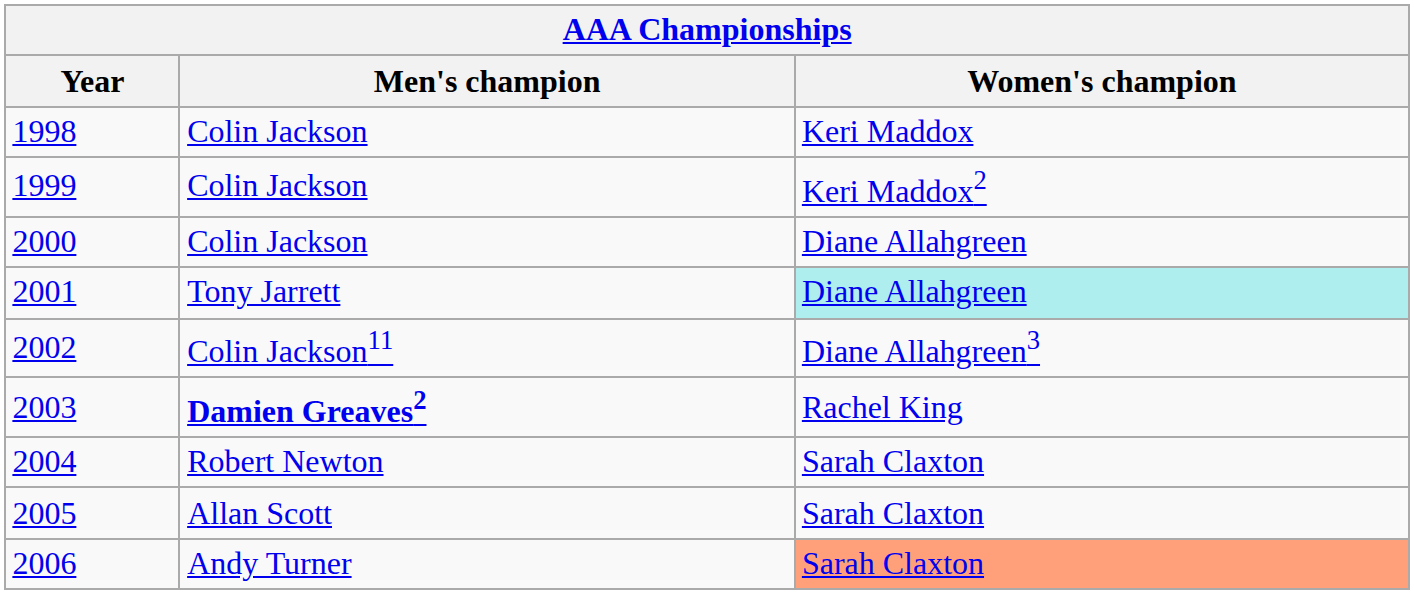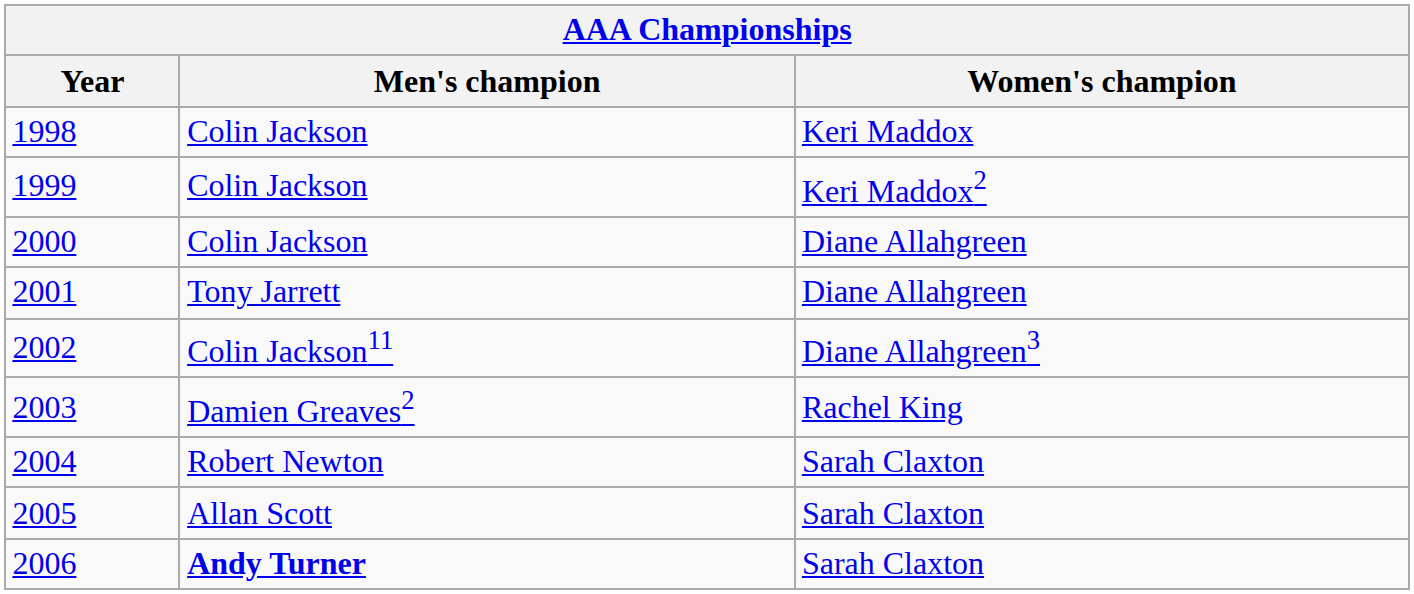 <table class="wikitable">
 <tr>
 <th colspan="3"><a href='#'>AAA Championships</a><br></th>
 </tr>
 <tr>
 <th width=80>Year</th>
 <th width=300>Men's champion</th>
 <th width=300>Women's champion</th>
 </tr>
 <tr>
 <td><a href='#'>1998</a></td>
 <td><a href='#'>Colin Jackson</a></td>
 <td><a href='#'>Keri Maddox</a></td>
 </tr>
 <tr>
 <td><a href='#'>1999</a></td>
 <td><a href='#'>Colin Jackson</a></td>
 <td><a href='#'>Keri Maddox<sup>2</sup></a></td>
 </tr>
 <tr>
 <td><a href='#'>2000</a></td>
 <td><a href='#'>Colin Jackson</a></td>
 <td><a href='#'>Diane Allahgreen</a></td>
 </tr>
 <tr>
 <td><a href='#'>2001</a></td>
 <td><a href='#'>Tony Jarrett</a></td>
-<td style="background: paleturquoise;"><a href='#'>Diane Allahgreen</a></td>
+<td><a href='#'>Diane Allahgreen</a></td>
 </tr>
 <tr>
 <td><a href='#'>2002</a></td>
 <td><a href='#'>Colin Jackson<sup>11</sup></a></td>
 <td><a href='#'>Diane Allahgreen<sup>3</sup></a></td>
 </tr>
 <tr>
 <td><a href='#'>2003</a></td>
-<td><strong><a href='#'>Damien Greaves<sup>2</sup></a></strong></td>
+<td><a href='#'>Damien Greaves<sup>2</sup></a></td>
 <td><a href='#'>Rachel King</a></td>
 </tr>
 <tr>
 <td><a href='#'>2004</a></td>
 <td><a href='#'>Robert Newton</a></td>
 <td><a href='#'>Sarah Claxton</a></td>
 </tr>
 <tr>
 <td><a href='#'>2005</a></td>
 <td><a href='#'>Allan Scott</a></td>
 <td><a href='#'>Sarah Claxton</a></td>
 </tr>
 <tr>
 <td><a href='#'>2006</a></td>
-<td><a href='#'>Andy Turner</a></td>
-<td style="background: lightsalmon;"><a href='#'>Sarah Claxton</a></td>
+<td><strong><a href='#'>Andy Turner</a></strong></td>
+<td><a href='#'>Sarah Claxton</a></td>
 </tr>
 </table>
